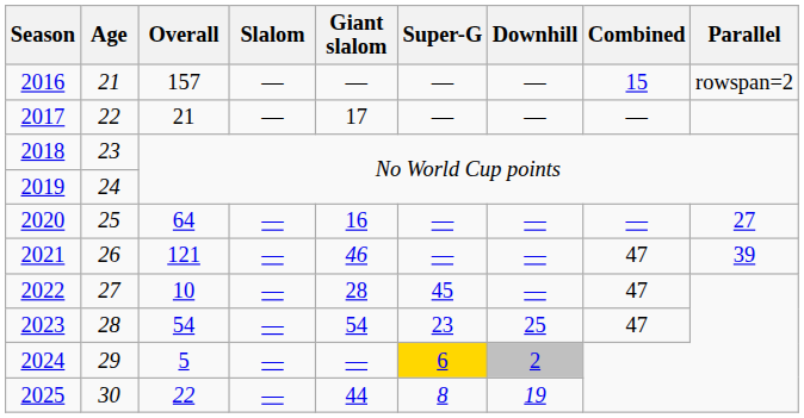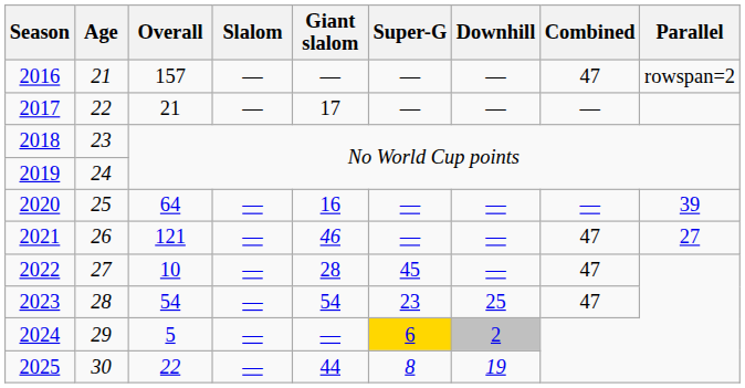 <table class="wikitable" style="text-align:center; font-size:100%;">
 <tr>
 <th>Season</th>
 <th> Age </th>
 <th> Overall </th>
 <th> Slalom </th>
 <th>Giant<br> slalom </th>
 <th>Super-G</th>
 <th>Downhill</th>
 <th>Combined</th>
 <th>Parallel</th>
 </tr>
 <tr>
 <td><a href='#'>2016</a></td>
 <td><em>21</em></td>
 <td>157</td>
 <td>—</td>
 <td>—</td>
 <td>—</td>
 <td>—</td>
-<td><a href='#'>15</a></td>
+<td>47</td>
 <td>rowspan=2 </td>
 </tr>
 <tr>
 <td><a href='#'>2017</a></td>
 <td><em>22</em></td>
 <td>21</td>
 <td>—</td>
 <td>17</td>
 <td>—</td>
 <td>—</td>
 <td>—</td>
 </tr>
 <tr>
 <td><a href='#'>2018</a></td>
 <td><em>23</em></td>
 <td rowspan=2 colspan=7><em>No World Cup points</em></td>
 </tr>
 <tr>
 <td><a href='#'>2019</a></td>
 <td><em>24</em></td>
 </tr>
 <tr>
 <td><a href='#'>2020</a></td>
 <td><em>25</em></td>
 <td><a href='#'>64</a></td>
 <td><a href='#'>—</a></td>
 <td><a href='#'>16</a></td>
 <td><a href='#'>—</a></td>
 <td><a href='#'>—</a></td>
 <td><a href='#'>—</a></td>
-<td><a href='#'>27</a></td>
+<td><a href='#'>39</a></td>
 </tr>
 <tr>
 <td><a href='#'>2021</a></td>
 <td><em>26</em></td>
 <td><a href='#'>121</a></td>
 <td><a href='#'>—</a></td>
 <td><a href='#'><em>46</em></a></td>
 <td><a href='#'>—</a></td>
 <td><a href='#'>—</a></td>
 <td>47</td>
-<td><a href='#'>39</a></td>
+<td><a href='#'>27</a></td>
 </tr>
 <tr>
 <td><a href='#'>2022</a></td>
 <td><em>27</em></td>
 <td><a href='#'>10</a></td>
 <td><a href='#'>—</a></td>
 <td><a href='#'>28</a></td>
 <td><a href='#'>45</a></td>
 <td><a href='#'>—</a></td>
 <td>47</td>
 </tr>
 <tr>
 <td><a href='#'>2023</a></td>
 <td><em>28</em></td>
 <td><a href='#'>54</a></td>
 <td><a href='#'>—</a></td>
 <td><a href='#'>54</a></td>
 <td><a href='#'>23</a></td>
 <td><a href='#'>25</a></td>
 <td>47</td>
 </tr>
 <tr>
 <td><a href='#'>2024</a></td>
 <td><em>29</em></td>
 <td><a href='#'>5</a></td>
 <td><a href='#'>—</a></td>
 <td><a href='#'>—</a></td>
 <td style="background: gold;"><a href='#'>6</a></td>
 <td style="background:silver;"><a href='#'>2</a></td>
 </tr>
 <tr>
 <td><a href='#'>2025</a></td>
 <td><em>30</em></td>
 <td><a href='#'><em>22</em></a></td>
 <td><a href='#'>—</a></td>
 <td><a href='#'>44</a></td>
 <td><a href='#'><em>8</em></a></td>
 <td><a href='#'><em>19</em></a></td>
 </tr>
 </table>
